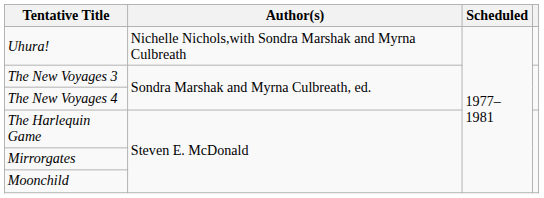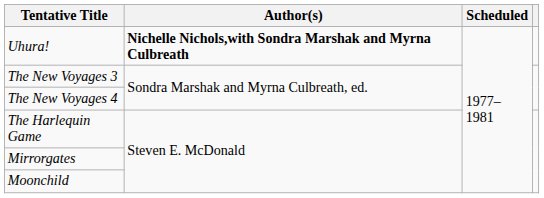 <table class="wikitable">
 <tr>
 <th>Tentative Title</th>
 <th>Author(s)</th>
 <th>Scheduled</th>
 <th></th>
 </tr>
 <tr>
 <td><em>Uhura!</em></td>
-<td>Nichelle Nichols,with Sondra Marshak and Myrna Culbreath</td>
+<td><strong>Nichelle Nichols,with Sondra Marshak and Myrna Culbreath</strong></td>
 <td rowspan="6">1977–1981</td>
 <td></td>
 </tr>
 <tr>
 <td><em>The New Voyages 3</em></td>
 <td rowspan="2">Sondra Marshak and Myrna Culbreath, ed.</td>
 <td rowspan="2"></td>
 </tr>
 <tr>
 <td><em>The New Voyages 4</em></td>
 </tr>
 <tr>
 <td><em>The Harlequin Game</em></td>
 <td rowspan="3">Steven E. McDonald</td>
 <td rowspan="3"></td>
 </tr>
 <tr>
 <td><em>Mirrorgates</em></td>
 </tr>
 <tr>
 <td><em>Moonchild</em></td>
 </tr>
 </table>
